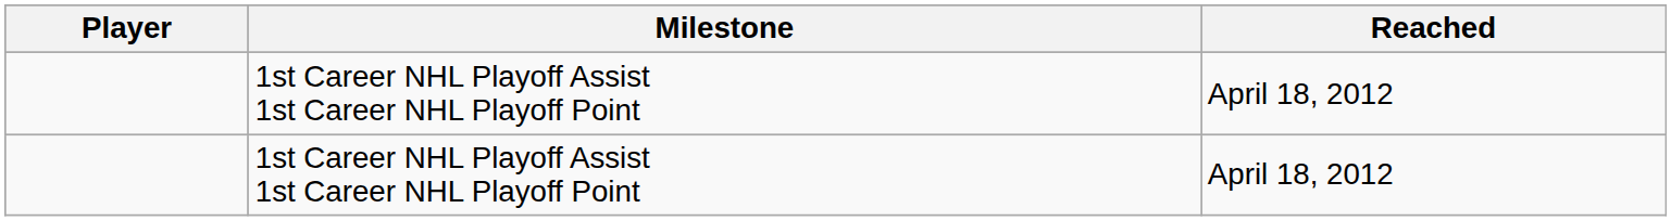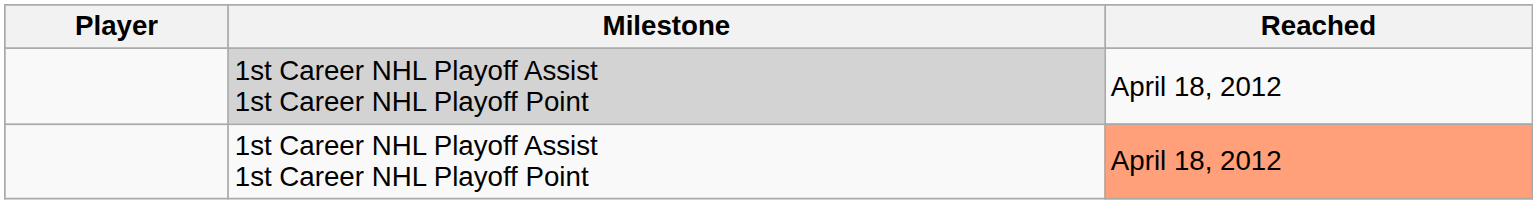 <table class="wikitable sortable" style="width:100%;">
 <tr align=center>
 <th>Player</th>
 <th>Milestone</th>
 <th>Reached</th>
 </tr>
 <tr>
 <td></td>
-<td>1st Career NHL Playoff Assist<br>1st Career NHL Playoff Point</td>
+<td style="background: lightgrey;">1st Career NHL Playoff Assist<br>1st Career NHL Playoff Point</td>
 <td>April 18, 2012</td>
 </tr>
 <tr>
 <td></td>
 <td>1st Career NHL Playoff Assist<br>1st Career NHL Playoff Point</td>
-<td>April 18, 2012</td>
+<td style="background: lightsalmon;">April 18, 2012</td>
 </tr>
 </table>
